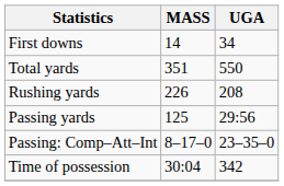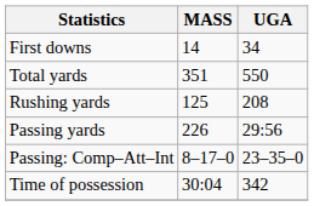 <table class="wikitable" style="float: left;">
 <tr>
 <th>Statistics</th>
 <th>MASS</th>
 <th>UGA</th>
 </tr>
 <tr>
 <td>First downs</td>
 <td>14</td>
 <td>34</td>
 </tr>
 <tr>
 <td>Total yards</td>
 <td>351</td>
 <td>550</td>
 </tr>
 <tr>
 <td>Rushing yards</td>
-<td>226</td>
+<td>125</td>
 <td>208</td>
 </tr>
 <tr>
 <td>Passing yards</td>
-<td>125</td>
+<td>226</td>
 <td>29:56</td>
 </tr>
 <tr>
 <td>Passing: Comp–Att–Int</td>
 <td>8–17–0</td>
 <td>23–35–0</td>
 </tr>
 <tr>
 <td>Time of possession</td>
 <td>30:04</td>
 <td>342</td>
 </tr>
 <tr>
 </tr>
 </table>
